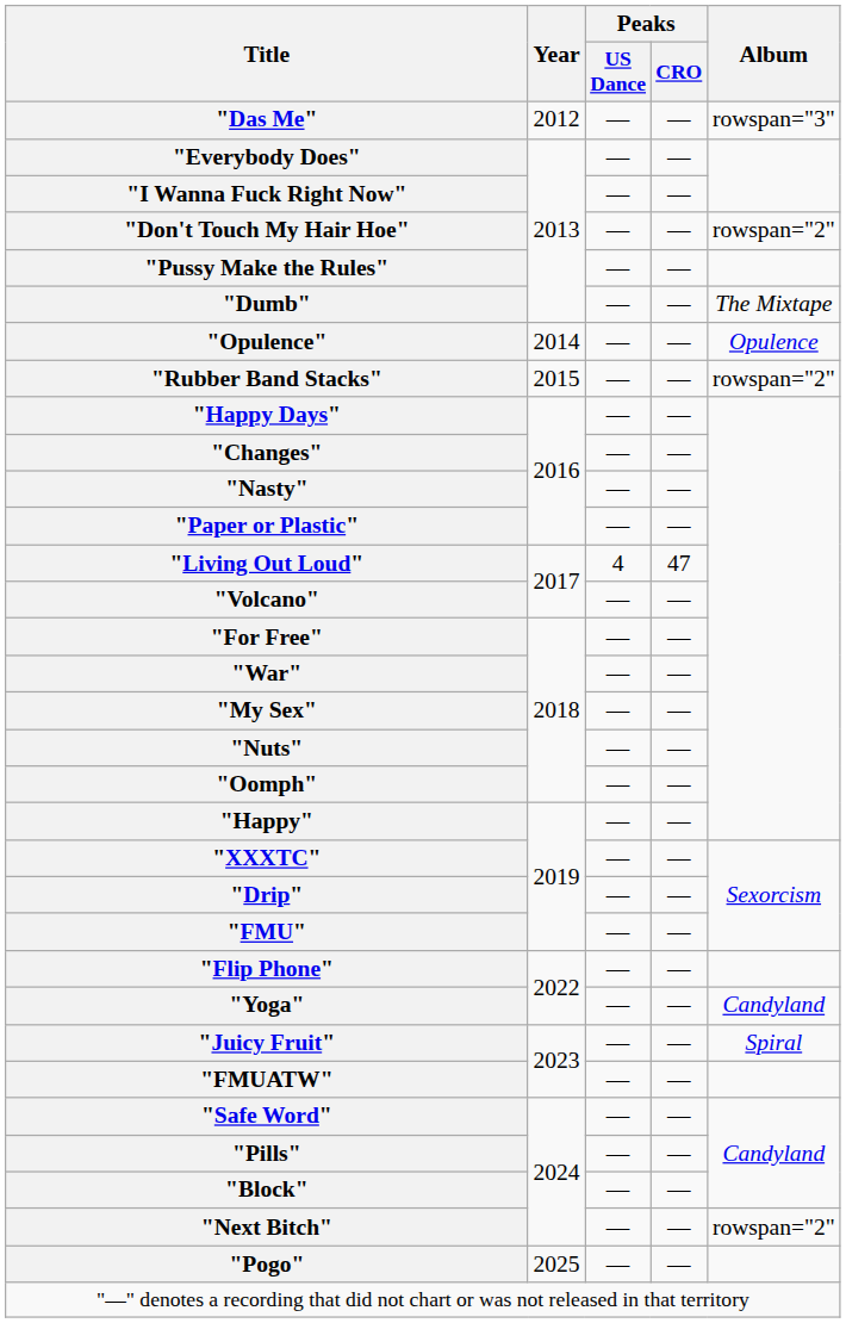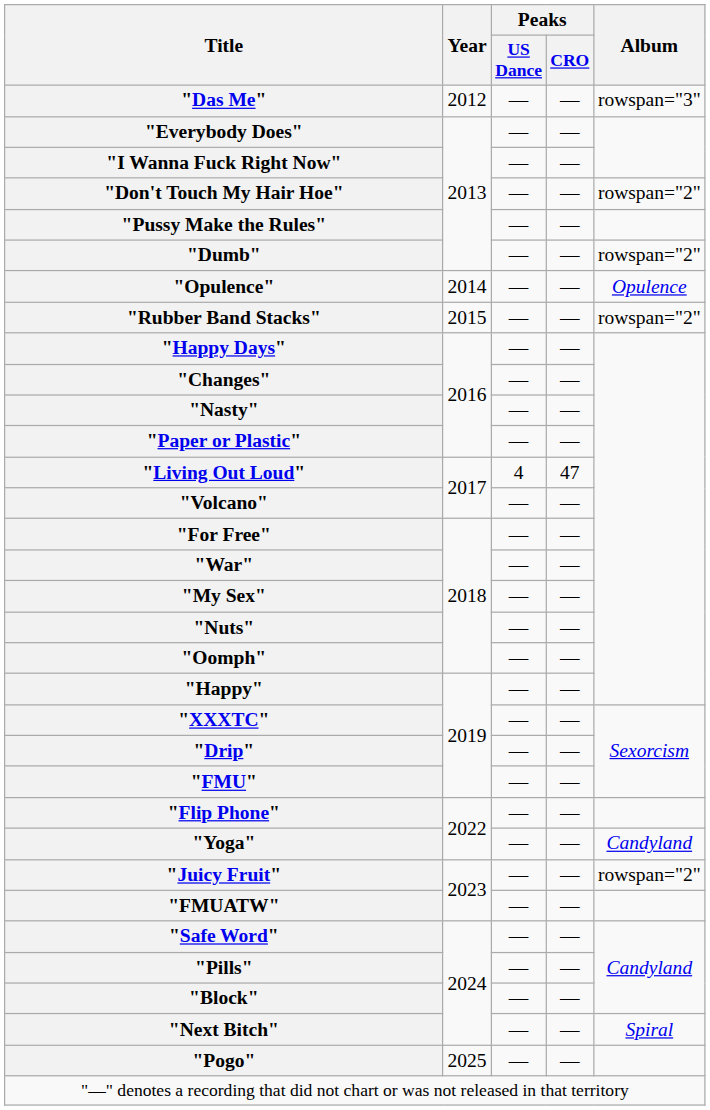 <table class="wikitable plainrowheaders" style="text-align:center;">
 <tr>
 <th scope="col" rowspan="2" style="width:22em;">Title</th>
 <th scope="col" rowspan="2">Year</th>
 <th scope="col" colspan="2">Peaks</th>
 <th scope="col" rowspan="2">Album</th>
 </tr>
 <tr>
 <th scope="col" style="font-size:90%;"><a href='#'>US<br>Dance</a><br></th>
 <th scope="col" style="font-size:90%;"><a href='#'>CRO</a><br></th>
 </tr>
 <tr>
 <th scope="row">"<a href='#'>Das Me</a>"</th>
 <td>2012</td>
 <td>—</td>
 <td>—</td>
 <td>rowspan="3" </td>
 </tr>
 <tr>
 <th scope="row">"Everybody Does"</th>
 <td rowspan="5">2013</td>
 <td>—</td>
 <td>—</td>
 </tr>
 <tr>
 <th scope="row">"I Wanna Fuck Right Now"</th>
 <td>—</td>
 <td>—</td>
 </tr>
 <tr>
 <th scope="row">"Don't Touch My Hair Hoe"</th>
 <td>—</td>
 <td>—</td>
 <td>rowspan="2" </td>
 </tr>
 <tr>
 <th scope="row">"Pussy Make the Rules"<br></th>
 <td>—</td>
 <td>—</td>
 <td></td>
 </tr>
 <tr>
 <th scope="row">"Dumb"</th>
 <td>—</td>
 <td>—</td>
-<td><em>The Mixtape</em></td>
+<td>rowspan="2" </td>
 </tr>
 <tr>
 <th scope="row">"Opulence"</th>
 <td>2014</td>
 <td>—</td>
 <td>—</td>
 <td><em><a href='#'>Opulence</a></em></td>
 </tr>
 <tr>
 <th scope="row">"Rubber Band Stacks"</th>
 <td>2015</td>
 <td>—</td>
 <td>—</td>
 <td>rowspan="2" </td>
 </tr>
 <tr>
 <th scope="row">"<a href='#'>Happy Days</a>"</th>
 <td rowspan="4">2016</td>
 <td>—</td>
 <td>—</td>
 </tr>
 <tr>
 <th scope="row">"Changes"</th>
 <td>—</td>
 <td>—</td>
 </tr>
 <tr>
 <th scope="row">"Nasty"</th>
 <td>—</td>
 <td>—</td>
 </tr>
 <tr>
 <th scope="row">"<a href='#'>Paper or Plastic</a>"</th>
 <td>—</td>
 <td>—</td>
 </tr>
 <tr>
 <th scope="row">"<a href='#'>Living Out Loud</a>"<br></th>
 <td rowspan="2">2017</td>
 <td>4</td>
 <td>47</td>
 </tr>
 <tr>
 <th scope="row">"Volcano"</th>
 <td>—</td>
 <td>—</td>
 </tr>
 <tr>
 <th scope="row">"For Free"</th>
 <td rowspan="5">2018</td>
 <td>—</td>
 <td>—</td>
 </tr>
 <tr>
 <th scope="row">"War"</th>
 <td>—</td>
 <td>—</td>
 </tr>
 <tr>
 <th scope="row">"My Sex"<br></th>
 <td>—</td>
 <td>—</td>
 </tr>
 <tr>
 <th scope="row">"Nuts"<br></th>
 <td>—</td>
 <td>—</td>
 </tr>
 <tr>
 <th scope="row">"Oomph"<br></th>
 <td>—</td>
 <td>—</td>
 </tr>
 <tr>
 <th scope="row">"Happy"</th>
 <td rowspan="4">2019</td>
 <td>—</td>
 <td>—</td>
 </tr>
 <tr>
 <th scope="row">"<a href='#'>XXXTC</a>"<br></th>
 <td>—</td>
 <td>—</td>
 <td rowspan="3"><em><a href='#'>Sexorcism</a></em></td>
 </tr>
 <tr>
 <th scope="row">"<a href='#'>Drip</a>"<br></th>
 <td>—</td>
 <td>—</td>
 </tr>
 <tr>
 <th scope="row">"<a href='#'>FMU</a>"<br></th>
 <td>—</td>
 <td>—</td>
 </tr>
 <tr>
 <th scope="row">"<a href='#'>Flip Phone</a>"</th>
 <td rowspan="2">2022</td>
 <td>—</td>
 <td>—</td>
 <td></td>
 </tr>
 <tr>
 <th scope="row">"Yoga"<br></th>
 <td>—</td>
 <td>—</td>
 <td><em><a href='#'>Candyland</a></em></td>
 </tr>
 <tr>
 <th scope="row">"<a href='#'>Juicy Fruit</a>"</th>
 <td rowspan="2">2023</td>
 <td>—</td>
 <td>—</td>
-<td><em><a href='#'>Spiral</a></em></td>
+<td>rowspan="2" </td>
 </tr>
 <tr>
 <th scope="row">"FMUATW"</th>
 <td>—</td>
 <td>—</td>
 </tr>
 <tr>
 <th scope="row">"<a href='#'>Safe Word</a>"</th>
 <td rowspan="4">2024</td>
 <td>—</td>
 <td>—</td>
 <td rowspan="3"><em><a href='#'>Candyland</a></em></td>
 </tr>
 <tr>
 <th scope="row">"Pills"</th>
 <td>—</td>
 <td>—</td>
 </tr>
 <tr>
 <th scope="row">"Block"</th>
 <td>—</td>
 <td>—</td>
 </tr>
 <tr>
 <th scope="row">"Next Bitch"</th>
 <td>—</td>
 <td>—</td>
-<td>rowspan="2" </td>
+<td><em><a href='#'>Spiral</a></em></td>
 </tr>
 <tr>
 <th scope="row">"Pogo"</th>
 <td>2025</td>
 <td>—</td>
 <td>—</td>
 <td></td>
 </tr>
 <tr>
 <td colspan="15" style="font-size:90%">"—" denotes a recording that did not chart or was not released in that territory</td>
 </tr>
 </table>
